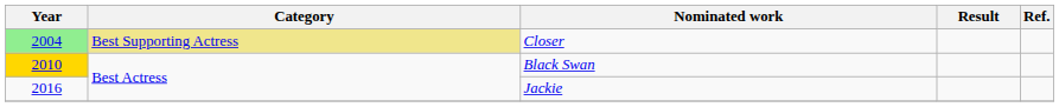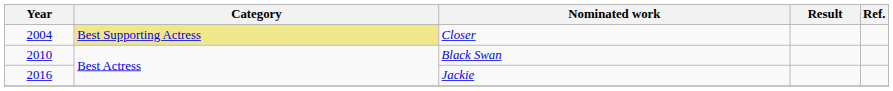 <table class=wikitable>
 <tr>
 <th scope="col" style="width:5em;">Year</th>
 <th scope="col" style="width:28em;">Category</th>
 <th scope="col" style="width:27em;">Nominated work</th>
 <th scope="col" style="width:5em;">Result</th>
 <th>Ref.</th>
 </tr>
 <tr>
-<td style="background: lightgreen; text-align:center;"><a href='#'>2004</a></td>
+<td style="text-align:center;"><a href='#'>2004</a></td>
 <td style="background: khaki;"><a href='#'>Best Supporting Actress</a></td>
 <td><em><a href='#'>Closer</a></em></td>
 <td></td>
 <td style="text-align:center;"></td>
 </tr>
 <tr>
-<td style="background: gold; text-align:center;"><a href='#'>2010</a></td>
+<td style="text-align:center;"><a href='#'>2010</a></td>
 <td rowspan="2" scope="row"><a href='#'>Best Actress</a></td>
 <td><em><a href='#'>Black Swan</a></em></td>
 <td></td>
 <td style="text-align:center;"></td>
 </tr>
 <tr>
 <td style="text-align:center;"><a href='#'>2016</a></td>
 <td><em><a href='#'>Jackie</a></em></td>
 <td></td>
 <td style="text-align:center;"></td>
 </tr>
 <tr>
 </tr>
 </table>
